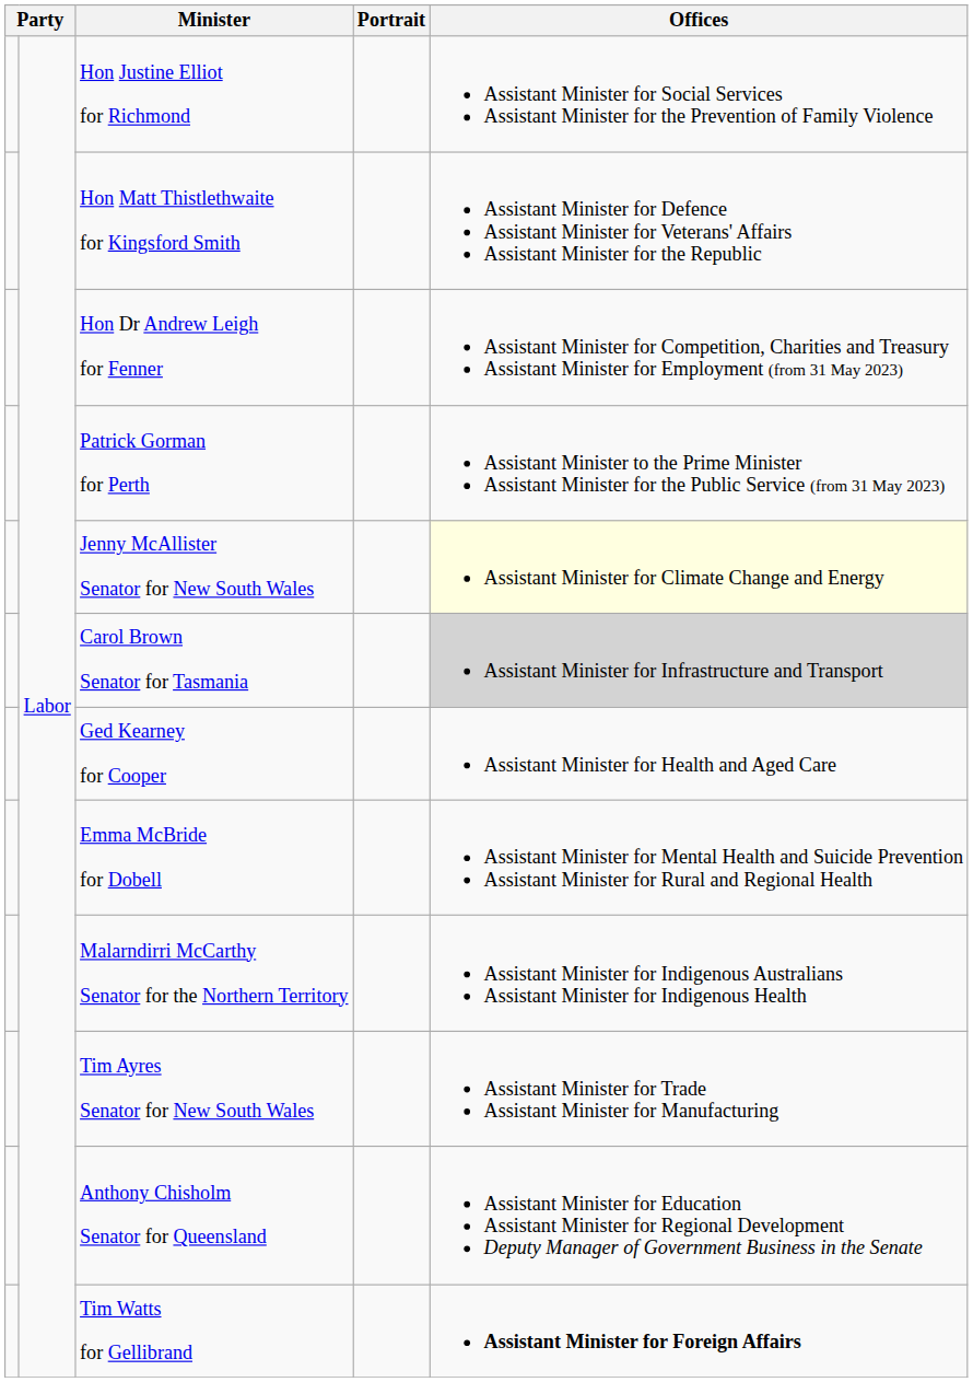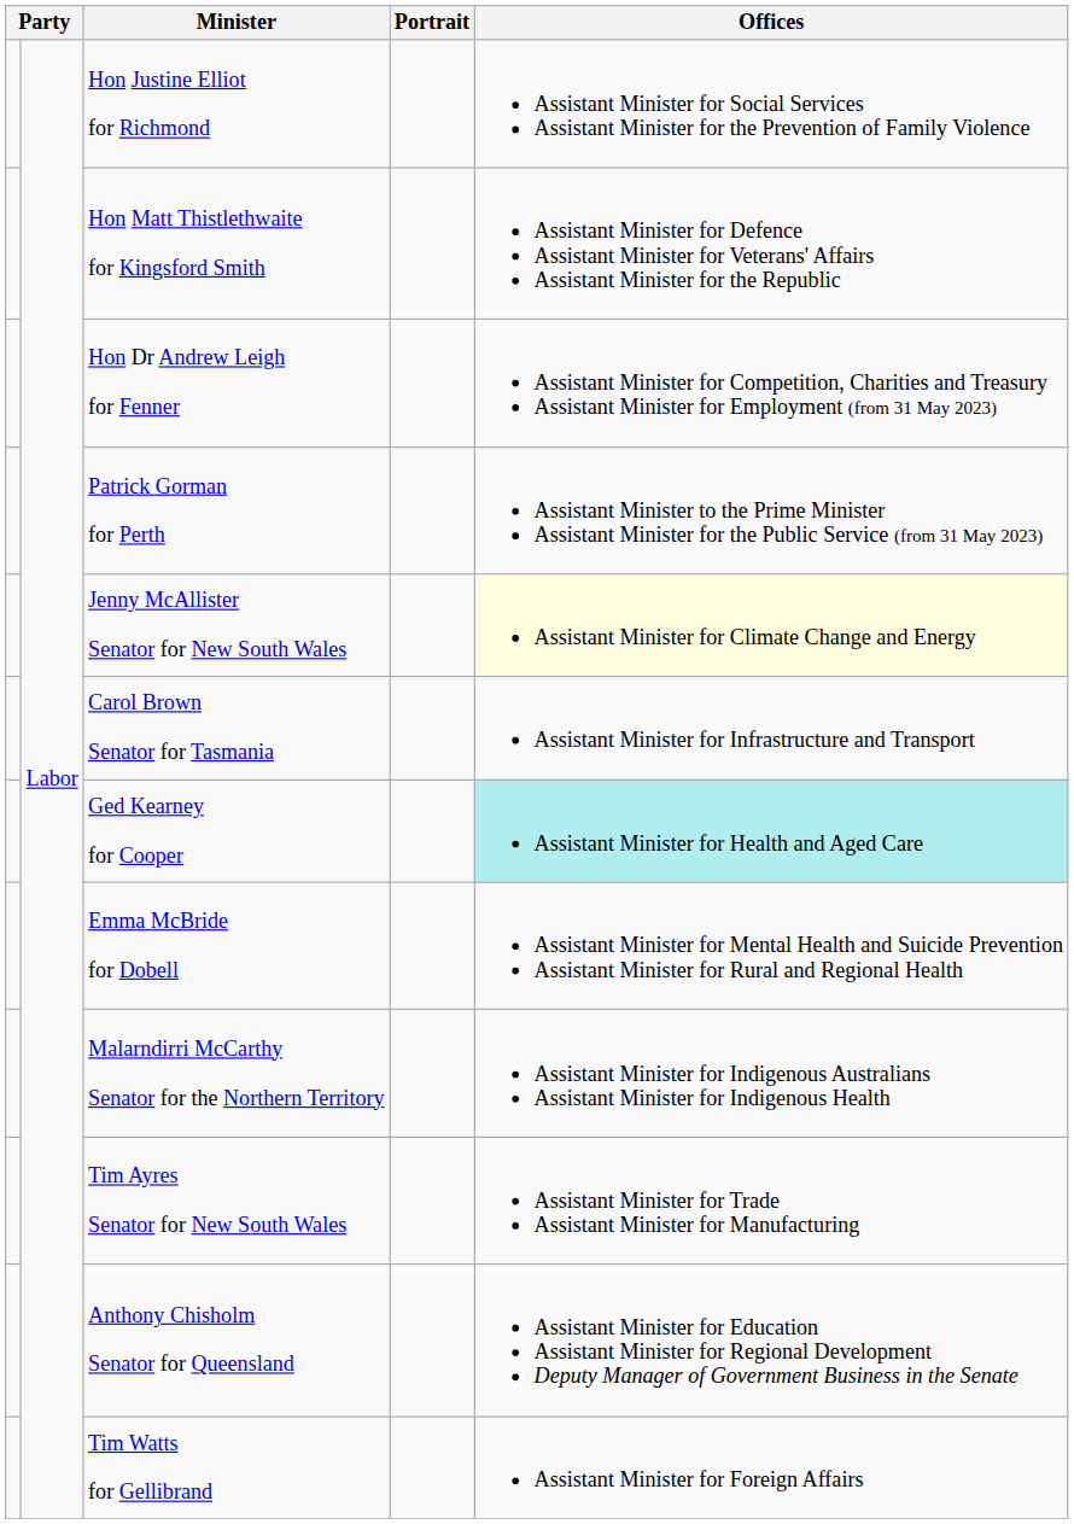 <table class="wikitable sortable">
 <tr>
 <th colspan="2">Party</th>
 <th>Minister</th>
 <th>Portrait</th>
 <th>Offices</th>
 </tr>
 <tr>
 <td> </td>
 <td rowspan="12"><a href='#'>Labor</a></td>
 <td><a href='#'>Hon</a> <a href='#'>Justine Elliot</a> <br><br> for <a href='#'>Richmond</a><br></td>
 <td></td>
 <td><br><ul><li>Assistant Minister for Social Services</li><li>Assistant Minister for the Prevention of Family Violence</li></ul></td>
 </tr>
 <tr>
 <td> </td>
 <td><a href='#'>Hon</a> <a href='#'>Matt Thistlethwaite</a> <br><br> for <a href='#'>Kingsford Smith</a><br></td>
 <td></td>
 <td><br><ul><li>Assistant Minister for Defence</li><li>Assistant Minister for Veterans' Affairs</li><li>Assistant Minister for the Republic</li></ul></td>
 </tr>
 <tr>
 <td> </td>
 <td><a href='#'>Hon</a> Dr <a href='#'>Andrew Leigh</a> <br><br> for <a href='#'>Fenner</a><br></td>
 <td></td>
 <td><br><ul><li>Assistant Minister for Competition, Charities and Treasury</li><li>Assistant Minister for Employment <small>(from 31 May 2023)</small></li></ul></td>
 </tr>
 <tr>
 <td> </td>
 <td><a href='#'>Patrick Gorman</a> <br><br> for <a href='#'>Perth</a><br></td>
 <td></td>
 <td><br><ul><li>Assistant Minister to the Prime Minister</li><li>Assistant Minister for the Public Service <small>(from 31 May 2023)</small></li></ul></td>
 </tr>
 <tr>
 <td> </td>
 <td><a href='#'>Jenny McAllister</a> <br><br><a href='#'>Senator</a> for <a href='#'>New South Wales</a><br></td>
 <td></td>
 <td style="background: lightyellow;"><br><ul><li>Assistant Minister for Climate Change and Energy</li></ul></td>
 </tr>
 <tr>
 <td> </td>
 <td><a href='#'>Carol Brown</a> <br><br><a href='#'>Senator</a> for <a href='#'>Tasmania</a><br></td>
 <td></td>
-<td style="background: lightgrey;"><br><ul><li>Assistant Minister for Infrastructure and Transport</li></ul></td>
+<td><br><ul><li>Assistant Minister for Infrastructure and Transport</li></ul></td>
 </tr>
 <tr>
 <td> </td>
 <td><a href='#'>Ged Kearney</a> <br><br> for <a href='#'>Cooper</a><br></td>
 <td></td>
-<td><br><ul><li>Assistant Minister for Health and Aged Care</li></ul></td>
+<td style="background: paleturquoise;"><br><ul><li>Assistant Minister for Health and Aged Care</li></ul></td>
 </tr>
 <tr>
 <td> </td>
 <td><a href='#'>Emma McBride</a> <br><br> for <a href='#'>Dobell</a><br></td>
 <td></td>
 <td><br><ul><li>Assistant Minister for Mental Health and Suicide Prevention</li><li>Assistant Minister for Rural and Regional Health</li></ul></td>
 </tr>
 <tr>
 <td> </td>
 <td><a href='#'>Malarndirri McCarthy</a> <br><br><a href='#'>Senator</a> for the <a href='#'>Northern Territory</a><br></td>
 <td></td>
 <td><br><ul><li>Assistant Minister for Indigenous Australians</li><li>Assistant Minister for Indigenous Health</li></ul></td>
 </tr>
 <tr>
 <td> </td>
 <td><a href='#'>Tim Ayres</a> <br><br><a href='#'>Senator</a> for <a href='#'>New South Wales</a><br></td>
 <td></td>
 <td><br><ul><li>Assistant Minister for Trade</li><li>Assistant Minister for Manufacturing</li></ul></td>
 </tr>
 <tr>
 <td> </td>
 <td><a href='#'>Anthony Chisholm</a> <br><br><a href='#'>Senator</a> for <a href='#'>Queensland</a><br></td>
 <td></td>
 <td><br><ul><li>Assistant Minister for Education</li><li>Assistant Minister for Regional Development</li><li><em>Deputy Manager of Government Business in the Senate</em></li></ul></td>
 </tr>
 <tr>
 <td> </td>
 <td><a href='#'>Tim Watts</a> <br><br> for <a href='#'>Gellibrand</a><br></td>
 <td></td>
-<td><strong><br><ul><li>Assistant Minister for Foreign Affairs</li></ul></strong></td>
+<td><br><ul><li>Assistant Minister for Foreign Affairs</li></ul></td>
 </tr>
 </table>
